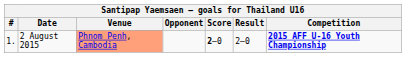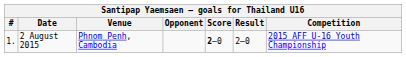 <table class="wikitable" style="font-size:95%;">
 <tr>
 <th colspan="8"><strong>Santipap Yaemsaen – goals for Thailand U16</strong></th>
 </tr>
 <tr>
 <th>#</th>
 <th>Date</th>
 <th>Venue</th>
 <th>Opponent</th>
 <th>Score</th>
 <th>Result</th>
 <th>Competition</th>
 </tr>
 <tr>
 <td>1.</td>
 <td>2 August 2015</td>
-<td style="background: lightsalmon;"><a href='#'>Phnom Penh</a>, <a href='#'>Cambodia</a></td>
+<td><a href='#'>Phnom Penh</a>, <a href='#'>Cambodia</a></td>
 <td></td>
 <td><strong>2</strong>–0</td>
 <td>2–0</td>
-<td><strong><a href='#'>2015 AFF U-16 Youth Championship</a></strong></td>
+<td><a href='#'>2015 AFF U-16 Youth Championship</a></td>
 </tr>
 </table>
